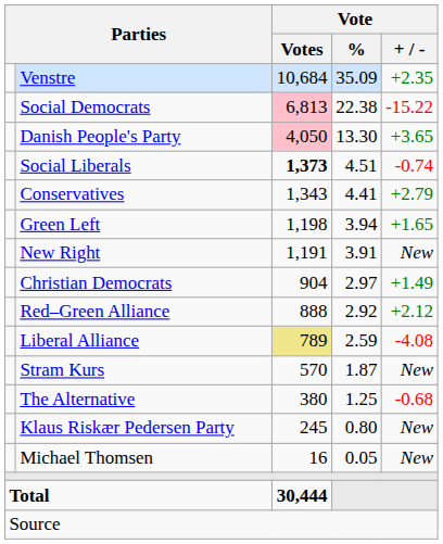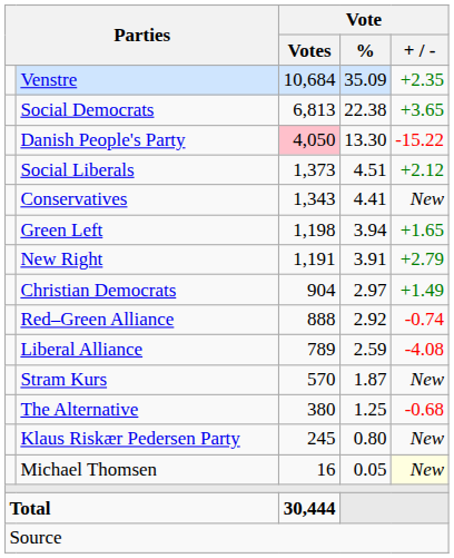 <table class="wikitable" style="text-align:right;">
 <tr>
 <th style="text-align:centre;" rowspan="2" colspan="2" width="225">Parties</th>
 <th colspan="3">Vote</th>
 </tr>
 <tr>
 <th width="15">Votes</th>
 <th width="15">%</th>
 <th width="15">+ / -</th>
 </tr>
 <tr>
 <td width="2" style="color:inherit;background:"></td>
 <td bgcolor=#cfe5fe  align="left"><a href='#'>Venstre</a></td>
 <td bgcolor=#cfe5fe>10,684</td>
 <td bgcolor=#cfe5fe>35.09</td>
 <td style=color:green;>+2.35</td>
 </tr>
 <tr>
 <td width="2" style="color:inherit;background:"></td>
 <td align="left"><a href='#'>Social Democrats</a></td>
-<td style="background: pink;">6,813</td>
+<td>6,813</td>
 <td>22.38</td>
-<td style=color:red;>-15.22</td>
+<td style=color:green;>+3.65</td>
 </tr>
 <tr>
 <td width="2" style="color:inherit;background:"></td>
 <td align="left"><a href='#'>Danish People's Party</a></td>
 <td style="background: pink;">4,050</td>
 <td>13.30</td>
-<td style=color:green;>+3.65</td>
+<td style=color:red;>-15.22</td>
 </tr>
 <tr>
 <td width="2" style="color:inherit;background:"></td>
 <td align="left"><a href='#'>Social Liberals</a></td>
-<td><strong>1,373</strong></td>
+<td>1,373</td>
 <td>4.51</td>
-<td style=color:red;>-0.74</td>
+<td style=color:green;>+2.12</td>
 </tr>
 <tr>
 <td width="2" style="color:inherit;background:"></td>
 <td align="left"><a href='#'>Conservatives</a></td>
 <td>1,343</td>
 <td>4.41</td>
-<td style=color:green;>+2.79</td>
+<td><em>New</em></td>
 </tr>
 <tr>
 <td width="2" style="color:inherit;background:"></td>
 <td align="left"><a href='#'>Green Left</a></td>
 <td>1,198</td>
 <td>3.94</td>
 <td style=color:green;>+1.65</td>
 </tr>
 <tr>
 <td width="2" style="color:inherit;background:"></td>
 <td align="left"><a href='#'>New Right</a></td>
 <td>1,191</td>
 <td>3.91</td>
-<td><em>New</em></td>
+<td style=color:green;>+2.79</td>
 </tr>
 <tr>
 <td width="2" style="color:inherit;background:"></td>
 <td align="left"><a href='#'>Christian Democrats</a></td>
 <td>904</td>
 <td>2.97</td>
 <td style=color:green;>+1.49</td>
 </tr>
 <tr>
 <td width="2" style="color:inherit;background:"></td>
 <td align="left"><a href='#'>Red–Green Alliance</a></td>
 <td>888</td>
 <td>2.92</td>
-<td style=color:green;>+2.12</td>
+<td style=color:red;>-0.74</td>
 </tr>
 <tr>
 <td width="2" style="color:inherit;background:"></td>
 <td align="left"><a href='#'>Liberal Alliance</a></td>
-<td style="background: khaki;">789</td>
+<td>789</td>
 <td>2.59</td>
 <td style=color:red;>-4.08</td>
 </tr>
 <tr>
 <td width="2" style="color:inherit;background:"></td>
 <td align="left"><a href='#'>Stram Kurs</a></td>
 <td>570</td>
 <td>1.87</td>
 <td><em>New</em></td>
 </tr>
 <tr>
 <td width="2" style="color:inherit;background:"></td>
 <td align="left"><a href='#'>The Alternative</a></td>
 <td>380</td>
 <td>1.25</td>
 <td style=color:red;>-0.68</td>
 </tr>
 <tr>
 <td width="2" style="color:inherit;background:"></td>
 <td align="left"><a href='#'>Klaus Riskær Pedersen Party</a></td>
 <td>245</td>
 <td>0.80</td>
 <td><em>New</em></td>
 </tr>
 <tr>
 <td width="2" style="color:inherit;background:"></td>
 <td align="left">Michael Thomsen</td>
 <td>16</td>
 <td>0.05</td>
-<td><em>New</em></td>
+<td style="background: lightyellow;"><em>New</em></td>
 </tr>
 <tr>
 <td colspan="7" bgcolor="#E9E9E9"></td>
 </tr>
 <tr>
 <td align="left" colspan="2"><strong>Total</strong></td>
 <td><strong>30,444</strong></td>
 <td bgcolor="#E9E9E9" colspan="2"></td>
 </tr>
 <tr>
 <td align="left" colspan="6">Source</td>
 </tr>
 </table>
